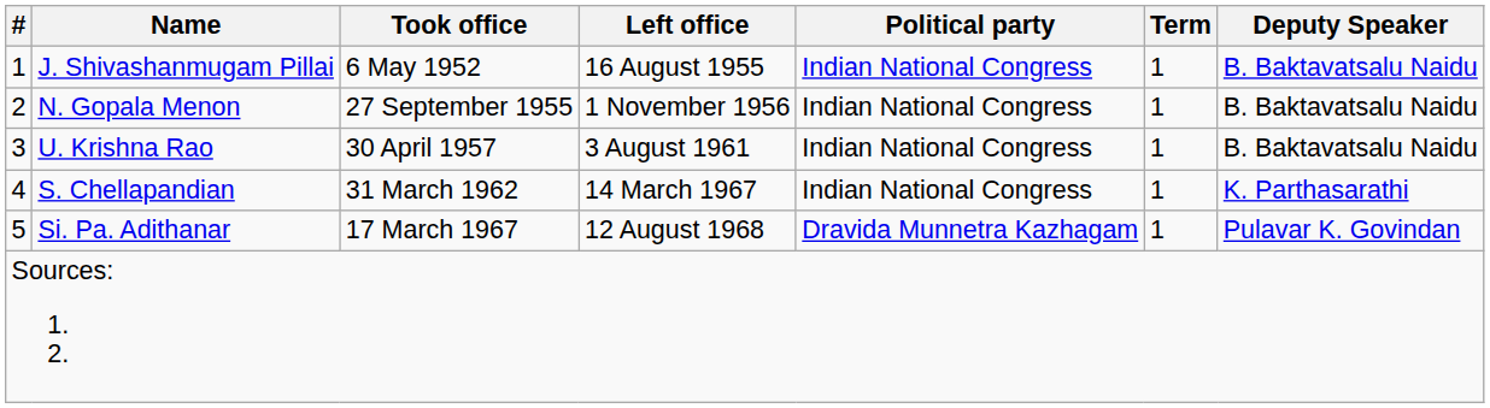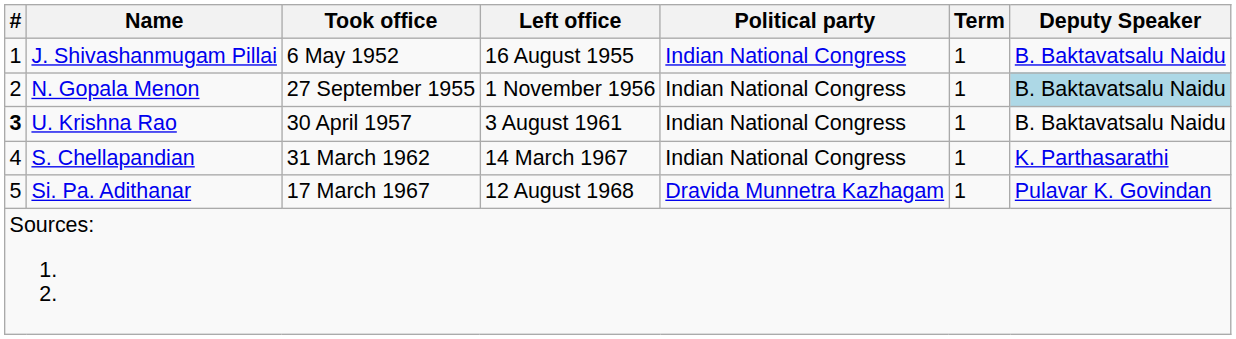 <table class="wikitable">
 <tr>
 <th>#</th>
 <th>Name</th>
 <th>Took office</th>
 <th>Left office</th>
 <th>Political party</th>
 <th>Term</th>
 <th>Deputy Speaker</th>
 </tr>
 <tr>
 <td>1</td>
 <td><a href='#'>J. Shivashanmugam Pillai</a></td>
 <td>6 May 1952</td>
 <td>16 August 1955</td>
 <td><a href='#'>Indian National Congress</a></td>
 <td>1</td>
 <td><a href='#'>B. Baktavatsalu Naidu</a></td>
 </tr>
 <tr>
 <td>2</td>
 <td><a href='#'>N. Gopala Menon</a></td>
 <td>27 September 1955</td>
 <td>1 November 1956</td>
 <td>Indian National Congress</td>
 <td>1</td>
-<td>B. Baktavatsalu Naidu</td>
+<td style="background: lightblue;">B. Baktavatsalu Naidu</td>
 </tr>
 <tr>
-<td>3</td>
+<td><strong>3</strong></td>
 <td><a href='#'>U. Krishna Rao</a></td>
 <td>30 April 1957</td>
 <td>3 August 1961</td>
 <td>Indian National Congress</td>
 <td>1</td>
 <td>B. Baktavatsalu Naidu</td>
 </tr>
 <tr>
 <td>4</td>
 <td><a href='#'>S. Chellapandian</a></td>
 <td>31 March 1962</td>
 <td>14 March 1967</td>
 <td>Indian National Congress</td>
 <td>1</td>
 <td><a href='#'>K. Parthasarathi</a></td>
 </tr>
 <tr>
 <td>5</td>
 <td><a href='#'>Si. Pa. Adithanar</a></td>
 <td>17 March 1967</td>
 <td>12 August 1968</td>
 <td><a href='#'>Dravida Munnetra Kazhagam</a></td>
 <td>1</td>
 <td><a href='#'>Pulavar K. Govindan</a></td>
 </tr>
 <tr>
 <td colspan="7">Sources:<br><ol><li></li><li></li></ol></td>
 </tr>
 </table>
